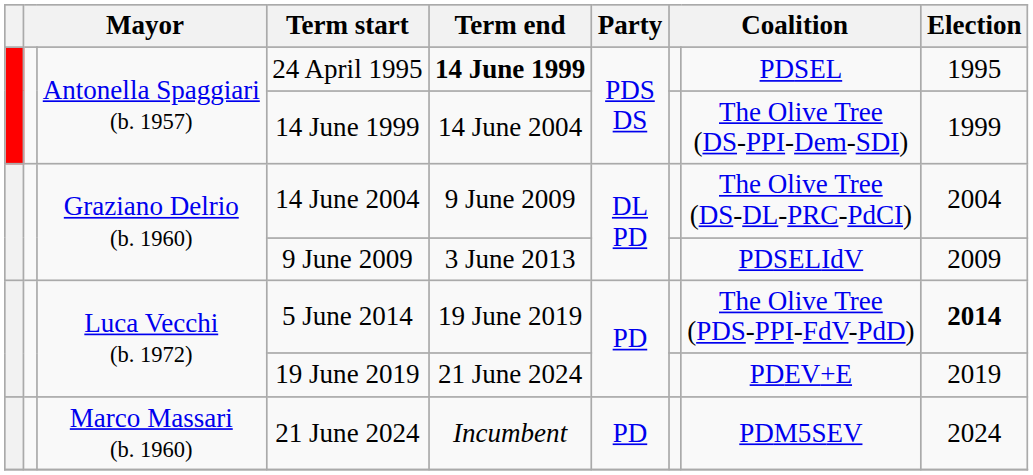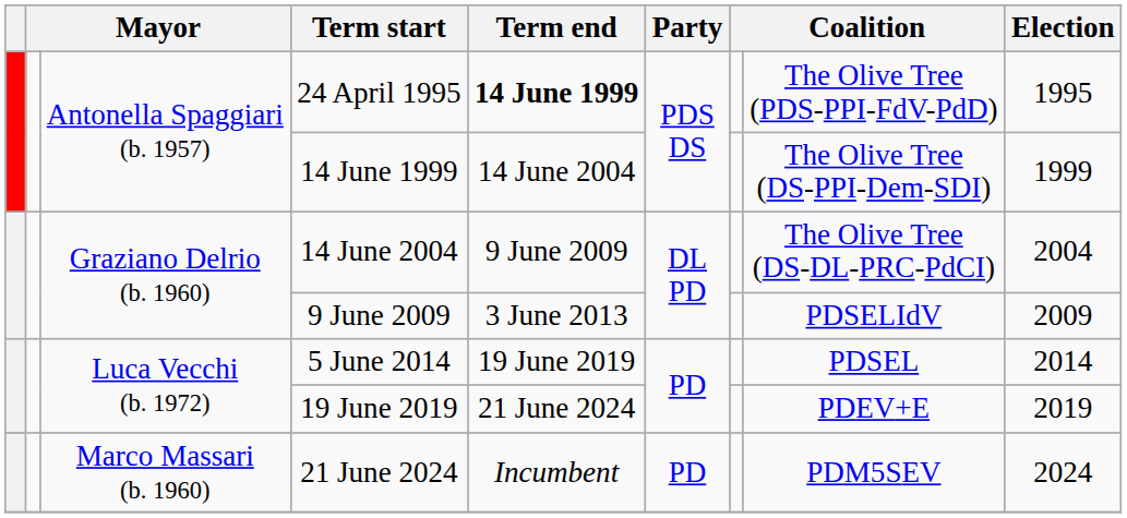 <table class="wikitable" style="text-align: center;">
 <tr>
 <th class=unsortable> </th>
 <th colspan=2>Mayor</th>
 <th>Term start</th>
 <th>Term end</th>
 <th>Party</th>
 <th colspan="2">Coalition</th>
 <th>Election</th>
 </tr>
 <tr>
 <th rowspan=2 style="background:red;"></th>
 <td rowspan=2></td>
 <td rowspan=2><a href='#'>Antonella Spaggiari</a> <br><small>(b. 1957)</small></td>
 <td>24 April 1995</td>
 <td><strong>14 June 1999</strong></td>
 <td rowspan=2><a href='#'>PDS</a><br><a href='#'>DS</a></td>
 <td style="background: "></td>
-<td><a href='#'>PD</a><a href='#'>SEL</a></td>
+<td><a href='#'>The Olive Tree</a><br>(<a href='#'>PDS</a>-<a href='#'>PPI</a>-<a href='#'>FdV</a>-<a href='#'>PdD</a>)</td>
 <td>1995</td>
 </tr>
 <tr>
 <td>14 June 1999</td>
 <td>14 June 2004</td>
 <td style="background: "></td>
 <td><a href='#'>The Olive Tree</a><br>(<a href='#'>DS</a>-<a href='#'>PPI</a>-<a href='#'>Dem</a>-<a href='#'>SDI</a>)</td>
 <td>1999</td>
 </tr>
 <tr>
 <th rowspan=2 style="background:"></th>
 <td rowspan=2></td>
 <td rowspan=2><a href='#'>Graziano Delrio</a> <br><small>(b. 1960)</small></td>
 <td>14 June 2004</td>
 <td>9 June 2009</td>
 <td rowspan=2><a href='#'>DL</a><br><a href='#'>PD</a></td>
 <td style="background: "></td>
 <td><a href='#'>The Olive Tree</a><br>(<a href='#'>DS</a>-<a href='#'>DL</a>-<a href='#'>PRC</a>-<a href='#'>PdCI</a>)</td>
 <td>2004</td>
 </tr>
 <tr>
 <td>9 June 2009</td>
 <td>3 June 2013</td>
 <td style="background: "></td>
 <td><a href='#'>PD</a><a href='#'>SEL</a><a href='#'>IdV</a></td>
 <td>2009</td>
 </tr>
 <tr>
 <th rowspan=2 style="background:"></th>
 <td rowspan=2></td>
 <td rowspan=2><a href='#'>Luca Vecchi</a> <br><small>(b. 1972)</small></td>
 <td>5 June 2014</td>
 <td>19 June 2019</td>
 <td rowspan=2><a href='#'>PD</a></td>
 <td style="background: "></td>
-<td><a href='#'>The Olive Tree</a><br>(<a href='#'>PDS</a>-<a href='#'>PPI</a>-<a href='#'>FdV</a>-<a href='#'>PdD</a>)</td>
-<td><strong>2014</strong></td>
+<td><a href='#'>PD</a><a href='#'>SEL</a></td>
+<td>2014</td>
 </tr>
 <tr>
 <td>19 June 2019</td>
 <td>21 June 2024</td>
 <td style="background: "></td>
 <td><a href='#'>PD</a><a href='#'>EV</a><a href='#'>+E</a></td>
 <td>2019</td>
 </tr>
 <tr>
 <th style="background:"></th>
 <td></td>
 <td><a href='#'>Marco Massari</a> <br><small>(b. 1960)</small></td>
 <td>21 June 2024</td>
 <td><em>Incumbent</em></td>
 <td><a href='#'>PD</a></td>
 <td style="background: "></td>
 <td><a href='#'>PD</a><a href='#'>M5S</a><a href='#'>EV</a></td>
 <td>2024</td>
 </tr>
 <tr>
 </tr>
 </table>
